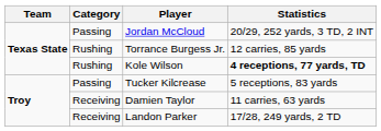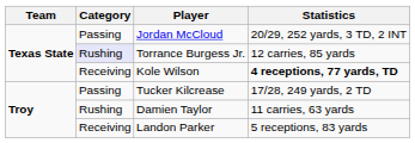 <table class="wikitable" style="float: right;">
 <tr>
 <th>Team</th>
 <th>Category</th>
 <th>Player</th>
 <th>Statistics</th>
 </tr>
 <tr>
 <td rowspan=3><strong>Texas State</strong></td>
 <td>Passing</td>
 <td><a href='#'>Jordan McCloud</a></td>
 <td>20/29, 252 yards, 3 TD, 2 INT</td>
 </tr>
 <tr>
-<td>Rushing</td>
+<td style="background: lavender;">Rushing</td>
 <td>Torrance Burgess Jr.</td>
 <td>12 carries, 85 yards</td>
 </tr>
 <tr>
-<td>Rushing</td>
+<td>Receiving</td>
 <td>Kole Wilson</td>
 <td><strong>4 receptions, 77 yards, TD</strong></td>
 </tr>
 <tr>
 <td rowspan=3><strong>Troy</strong></td>
 <td>Passing</td>
 <td>Tucker Kilcrease</td>
-<td>5 receptions, 83 yards</td>
+<td>17/28, 249 yards, 2 TD</td>
 </tr>
 <tr>
-<td>Receiving</td>
+<td>Rushing</td>
 <td>Damien Taylor</td>
 <td>11 carries, 63 yards</td>
 </tr>
 <tr>
 <td>Receiving</td>
 <td>Landon Parker</td>
-<td>17/28, 249 yards, 2 TD</td>
+<td>5 receptions, 83 yards</td>
 </tr>
 </table>
